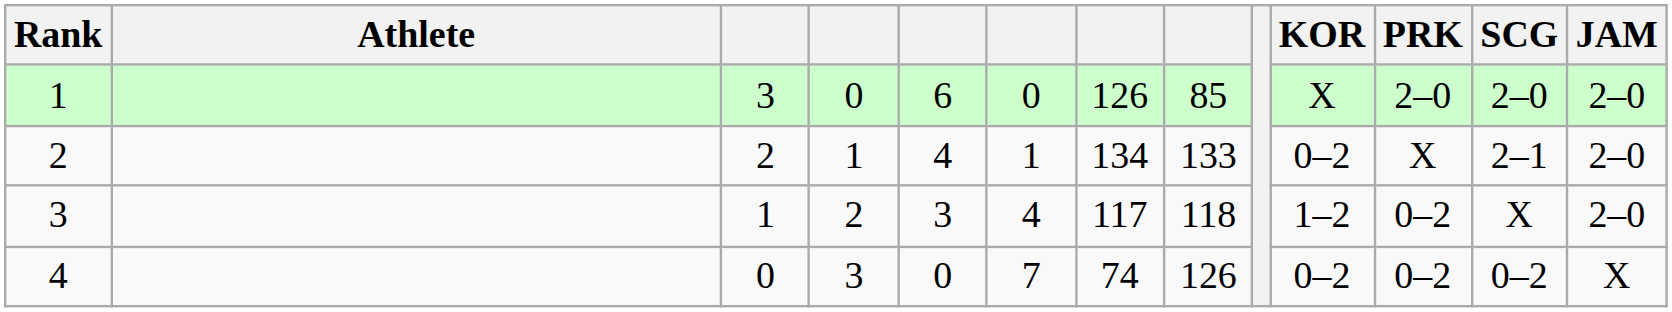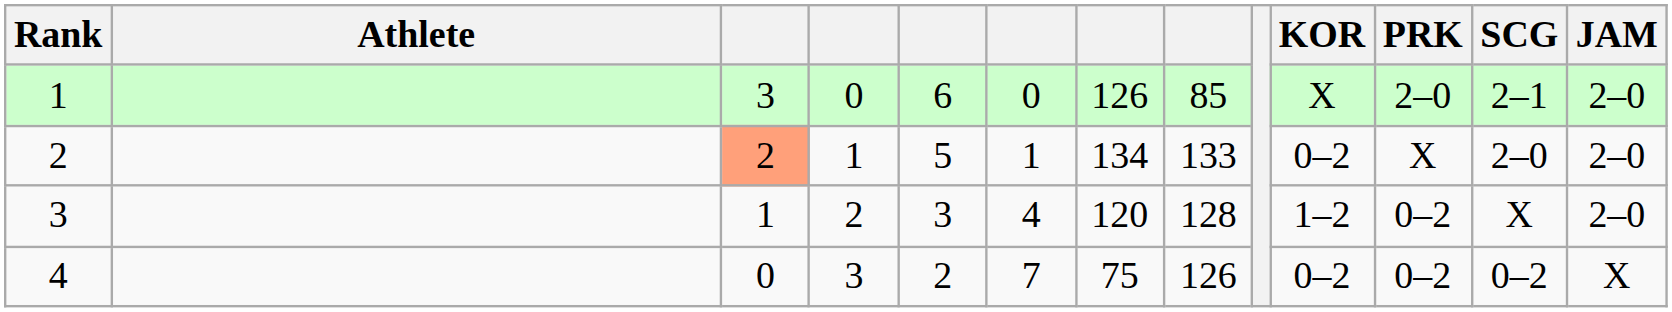 <table class="wikitable" style="text-align:center">
 <tr>
 <th>Rank</th>
 <th width=250>Athlete</th>
 <th width=30></th>
 <th width=30></th>
 <th width=30></th>
 <th width=30></th>
 <th width=30></th>
 <th width=30></th>
 <th rowspan=5></th>
 <th width=30>KOR</th>
 <th width=30>PRK</th>
 <th width=30>SCG</th>
 <th width=30>JAM</th>
 </tr>
 <tr style="background-color:#ccffcc;">
 <td>1</td>
 <td align=left></td>
 <td>3</td>
 <td>0</td>
 <td>6</td>
 <td>0</td>
 <td>126</td>
 <td>85</td>
 <td>X</td>
 <td>2–0</td>
-<td>2–0</td>
+<td>2–1</td>
 <td>2–0</td>
 </tr>
 <tr>
 <td>2</td>
 <td align=left></td>
-<td>2</td>
+<td style="background: lightsalmon;">2</td>
 <td>1</td>
-<td>4</td>
+<td>5</td>
 <td>1</td>
 <td>134</td>
 <td>133</td>
 <td>0–2</td>
 <td>X</td>
-<td>2–1</td>
+<td>2–0</td>
 <td>2–0</td>
 </tr>
 <tr>
 <td>3</td>
 <td align=left></td>
 <td>1</td>
 <td>2</td>
 <td>3</td>
 <td>4</td>
-<td>117</td>
-<td>118</td>
+<td>120</td>
+<td>128</td>
 <td>1–2</td>
 <td>0–2</td>
 <td>X</td>
 <td>2–0</td>
 </tr>
 <tr>
 <td>4</td>
 <td align=left></td>
 <td>0</td>
 <td>3</td>
-<td>0</td>
+<td>2</td>
 <td>7</td>
-<td>74</td>
+<td>75</td>
 <td>126</td>
 <td>0–2</td>
 <td>0–2</td>
 <td>0–2</td>
 <td>X</td>
 </tr>
 </table>
